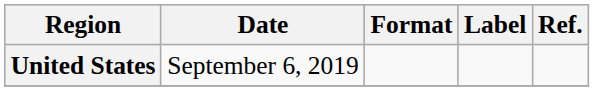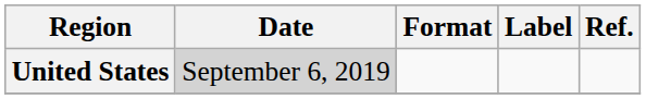 <table class="wikitable plainrowheaders">
 <tr>
 <th scope="col">Region</th>
 <th scope="col">Date</th>
 <th scope="col">Format</th>
 <th scope="col">Label</th>
 <th scope="col">Ref.</th>
 </tr>
 <tr>
 <th scope="row">United States</th>
-<td>September 6, 2019</td>
+<td style="background: lightgrey;">September 6, 2019</td>
 <td></td>
 <td></td>
 <td style="text-align:center;"></td>
 </tr>
 <tr>
 </tr>
 </table>
